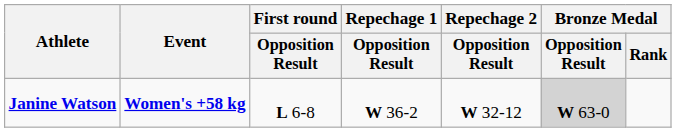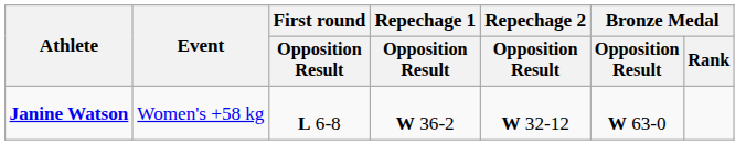 <table class="wikitable" style="font-size:90%;">
 <tr>
 <th rowspan=2>Athlete</th>
 <th rowspan=2>Event</th>
 <th>First round</th>
 <th>Repechage 1</th>
 <th>Repechage 2</th>
 <th colspan=2>Bronze Medal</th>
 </tr>
 <tr style="font-size:95%">
 <th>Opposition<br>Result</th>
 <th>Opposition<br>Result</th>
 <th>Opposition<br>Result</th>
 <th>Opposition<br>Result</th>
 <th>Rank</th>
 </tr>
 <tr align=center>
 <td align=left><strong><a href='#'>Janine Watson</a></strong></td>
-<td align=left><strong><a href='#'>Women's +58 kg</a></strong></td>
+<td align=left><a href='#'>Women's +58 kg</a></td>
 <td align="center"><br><strong>L</strong> 6-8</td>
 <td align="center"><br><strong>W</strong> 36-2</td>
 <td align="center"><br><strong>W</strong> 32-12</td>
-<td align="center" style="background: lightgrey;"><br><strong>W</strong> 63-0</td>
+<td align="center"><br><strong>W</strong> 63-0</td>
 <td></td>
 </tr>
 </table>
